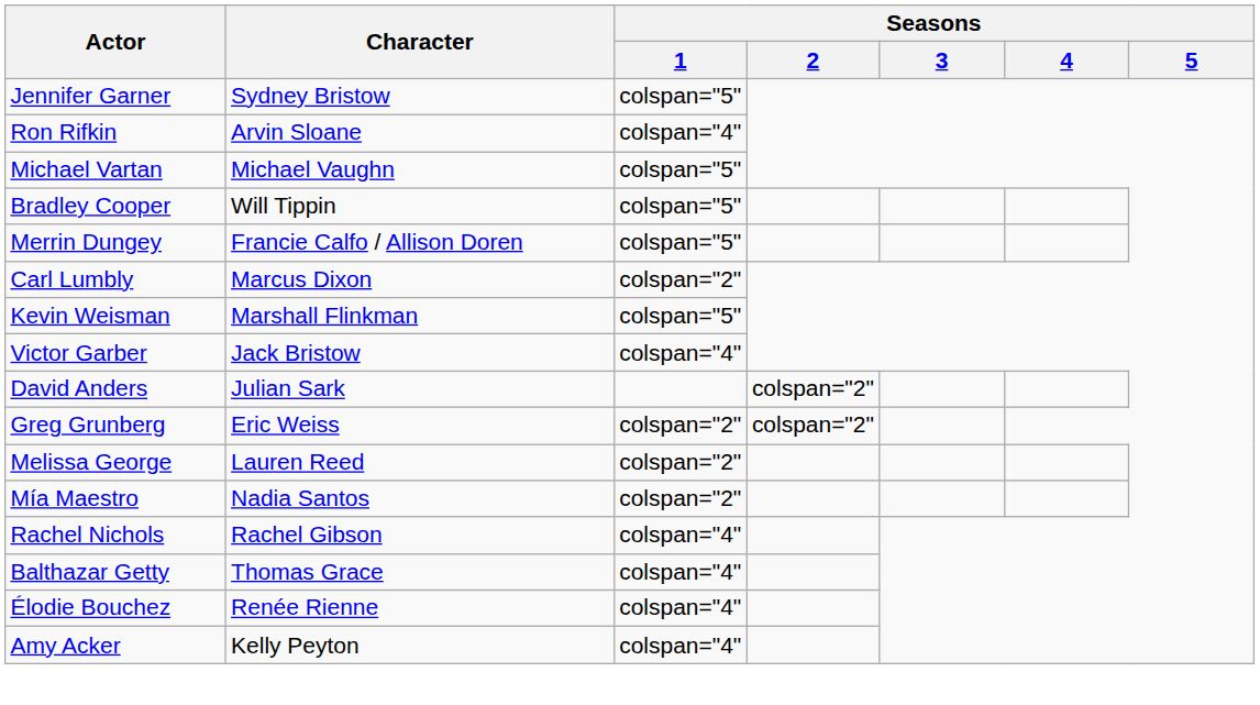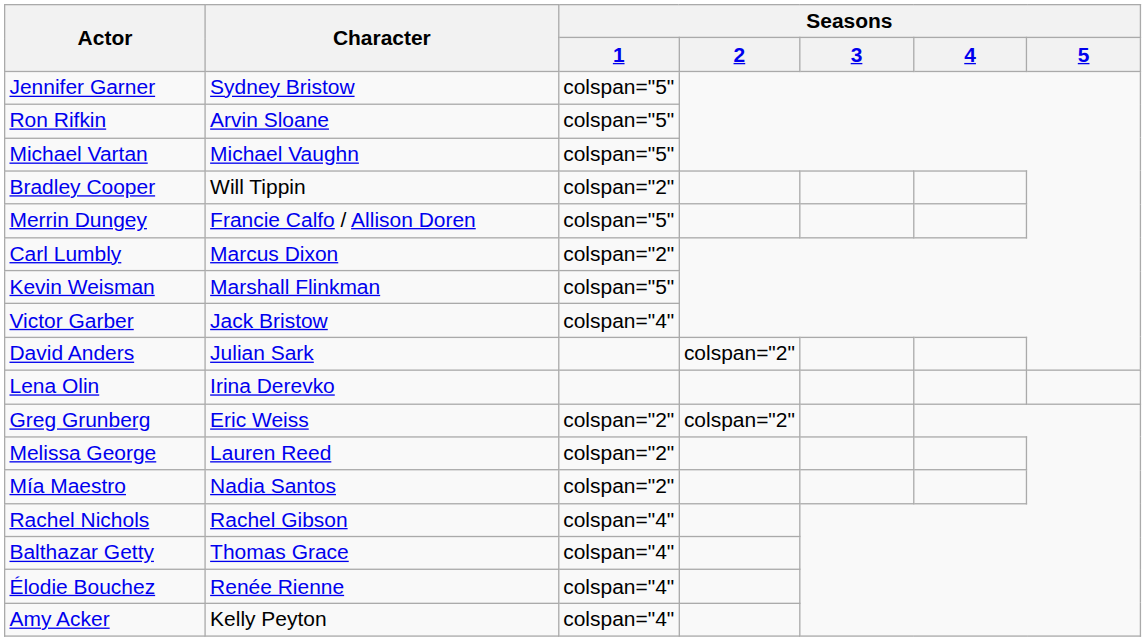 <table class="wikitable">
 <tr>
 <th rowspan="2">Actor</th>
 <th rowspan="2">Character</th>
 <th colspan="5">Seasons</th>
 </tr>
 <tr>
 <th style="width:10%;"><a href='#'>1</a></th>
 <th style="width:10%;"><a href='#'>2</a></th>
 <th style="width:10%;"><a href='#'>3</a></th>
 <th style="width:10%;"><a href='#'>4</a></th>
 <th style="width:10%;"><a href='#'>5</a></th>
 </tr>
 <tr>
 <td><a href='#'>Jennifer Garner</a></td>
 <td><a href='#'>Sydney Bristow</a></td>
 <td>colspan="5" </td>
 </tr>
 <tr>
 <td><a href='#'>Ron Rifkin</a></td>
 <td><a href='#'>Arvin Sloane</a></td>
-<td>colspan="4" </td>
+<td>colspan="5" </td>
 </tr>
 <tr>
 <td><a href='#'>Michael Vartan</a></td>
 <td><a href='#'>Michael Vaughn</a></td>
 <td>colspan="5" </td>
 </tr>
 <tr>
 <td><a href='#'>Bradley Cooper</a></td>
 <td>Will Tippin</td>
-<td>colspan="5" </td>
+<td>colspan="2" </td>
 <td></td>
 <td></td>
 <td></td>
 </tr>
 <tr>
 <td><a href='#'>Merrin Dungey</a></td>
 <td><a href='#'>Francie Calfo</a> / <a href='#'>Allison Doren</a></td>
 <td>colspan="5" </td>
 <td></td>
 <td></td>
 <td></td>
 </tr>
 <tr>
 <td><a href='#'>Carl Lumbly</a></td>
 <td><a href='#'>Marcus Dixon</a></td>
 <td>colspan="2" </td>
 </tr>
 <tr>
 <td><a href='#'>Kevin Weisman</a></td>
 <td><a href='#'>Marshall Flinkman</a></td>
 <td>colspan="5" </td>
 </tr>
 <tr>
 <td><a href='#'>Victor Garber</a></td>
 <td><a href='#'>Jack Bristow</a></td>
 <td>colspan="4" </td>
 </tr>
 <tr>
 <td><a href='#'>David Anders</a></td>
 <td><a href='#'>Julian Sark</a></td>
 <td></td>
 <td>colspan="2" </td>
+<td></td>
+<td></td>
+</tr>
+<tr>
+<td><a href='#'>Lena Olin</a></td>
+<td><a href='#'>Irina Derevko</a></td>
+<td></td>
+<td></td>
+<td></td>
 <td></td>
 <td></td>
 </tr>
 <tr>
 <td><a href='#'>Greg Grunberg</a></td>
 <td><a href='#'>Eric Weiss</a></td>
 <td>colspan="2" </td>
 <td>colspan="2" </td>
 <td></td>
 </tr>
 <tr>
 <td><a href='#'>Melissa George</a></td>
 <td><a href='#'>Lauren Reed</a></td>
 <td>colspan="2" </td>
 <td></td>
 <td></td>
 <td></td>
 </tr>
 <tr>
 <td><a href='#'>Mía Maestro</a></td>
 <td><a href='#'>Nadia Santos</a></td>
 <td>colspan="2" </td>
 <td></td>
 <td></td>
 <td></td>
 </tr>
 <tr>
 <td><a href='#'>Rachel Nichols</a></td>
 <td><a href='#'>Rachel Gibson</a></td>
 <td>colspan="4" </td>
 <td></td>
 </tr>
 <tr>
 <td><a href='#'>Balthazar Getty</a></td>
 <td><a href='#'>Thomas Grace</a></td>
 <td>colspan="4" </td>
 <td></td>
 </tr>
 <tr>
 <td><a href='#'>Élodie Bouchez</a></td>
 <td><a href='#'>Renée Rienne</a></td>
 <td>colspan="4" </td>
 <td></td>
 </tr>
 <tr>
 <td><a href='#'>Amy Acker</a></td>
 <td>Kelly Peyton</td>
 <td>colspan="4" </td>
 <td></td>
 </tr>
 </table>
